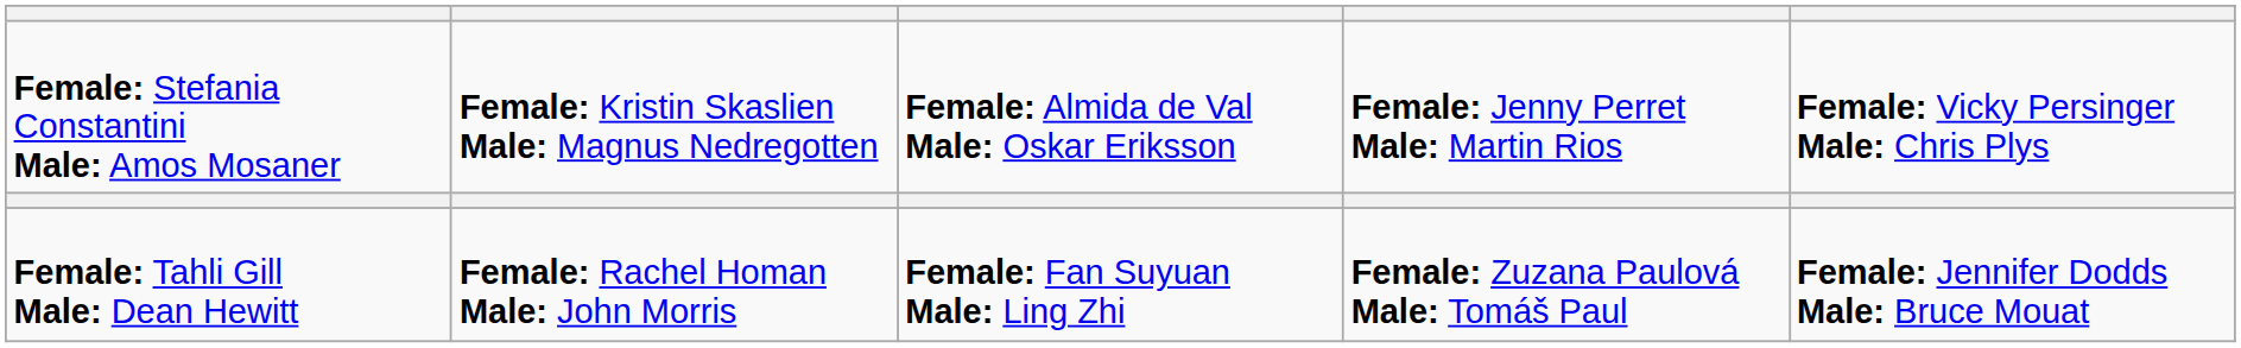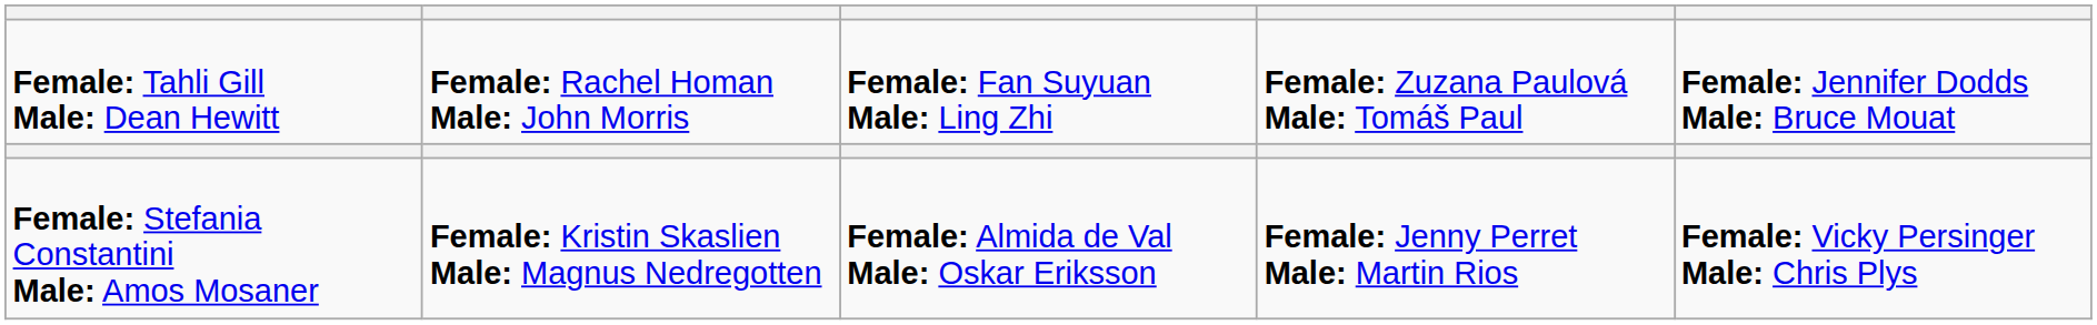 <table class=wikitable>
+<tr>
+<th width=200></th>
+<th width=200></th>
+<th width=200></th>
+<th width=200></th>
+<th width=200></th>
+</tr>
+<tr>
+<td><br><strong>Female:</strong> <a href='#'>Tahli Gill</a><br> <strong>Male:</strong> <a href='#'>Dean Hewitt</a></td>
+<td><br><strong>Female:</strong> <a href='#'>Rachel Homan</a><br> <strong>Male:</strong> <a href='#'>John Morris</a></td>
+<td><br><strong>Female:</strong> <a href='#'>Fan Suyuan</a><br> <strong>Male:</strong> <a href='#'>Ling Zhi</a></td>
+<td><br><strong>Female:</strong> <a href='#'>Zuzana Paulová</a><br> <strong>Male:</strong> <a href='#'>Tomáš Paul</a></td>
+<td><br><strong>Female:</strong> <a href='#'>Jennifer Dodds</a><br> <strong>Male:</strong> <a href='#'>Bruce Mouat</a></td>
+</tr>
 <tr>
 <th width=200></th>
 <th width=200></th>
 <th width=200></th>
 <th width=200></th>
 <th width=200></th>
 </tr>
 <tr>
 <td><br><strong>Female:</strong> <a href='#'>Stefania Constantini</a><br> <strong>Male:</strong> <a href='#'>Amos Mosaner</a></td>
 <td><br><strong>Female:</strong> <a href='#'>Kristin Skaslien</a><br> <strong>Male:</strong> <a href='#'>Magnus Nedregotten</a></td>
 <td><br><strong>Female:</strong> <a href='#'>Almida de Val</a><br> <strong>Male:</strong> <a href='#'>Oskar Eriksson</a></td>
 <td><br><strong>Female:</strong> <a href='#'>Jenny Perret</a><br> <strong>Male:</strong> <a href='#'>Martin Rios</a></td>
 <td><br><strong>Female:</strong> <a href='#'>Vicky Persinger</a><br> <strong>Male:</strong> <a href='#'>Chris Plys</a></td>
 </tr>
-<tr>
-<th width=200></th>
-<th width=200></th>
-<th width=200></th>
-<th width=200></th>
-<th width=200></th>
-</tr>
-<tr>
-<td><br><strong>Female:</strong> <a href='#'>Tahli Gill</a><br> <strong>Male:</strong> <a href='#'>Dean Hewitt</a></td>
-<td><br><strong>Female:</strong> <a href='#'>Rachel Homan</a><br> <strong>Male:</strong> <a href='#'>John Morris</a></td>
-<td><br><strong>Female:</strong> <a href='#'>Fan Suyuan</a><br> <strong>Male:</strong> <a href='#'>Ling Zhi</a></td>
-<td><br><strong>Female:</strong> <a href='#'>Zuzana Paulová</a><br> <strong>Male:</strong> <a href='#'>Tomáš Paul</a></td>
-<td><br><strong>Female:</strong> <a href='#'>Jennifer Dodds</a><br> <strong>Male:</strong> <a href='#'>Bruce Mouat</a></td>
-</tr>
 </table>
